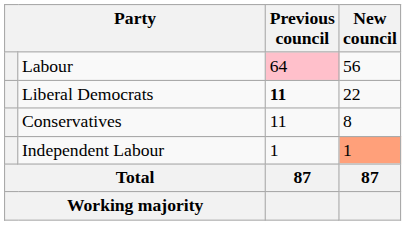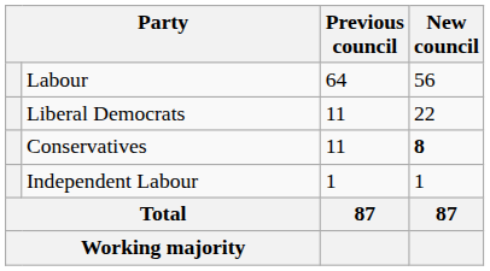 <table class="wikitable">
 <tr>
 <th valign=top colspan="2" style="width: 230px">Party</th>
 <th valign=top style="width: 30px">Previous council</th>
 <th valign=top style="width: 30px">New council</th>
 </tr>
 <tr>
 <th style="background-color: "></th>
 <td>Labour</td>
-<td style="background: pink;">64</td>
+<td>64</td>
 <td>56</td>
 </tr>
 <tr>
 <th style="background-color: "></th>
 <td>Liberal Democrats</td>
-<td><strong>11</strong></td>
+<td>11</td>
 <td>22</td>
 </tr>
 <tr>
 <th style="background-color: "></th>
 <td>Conservatives</td>
 <td>11</td>
-<td>8</td>
+<td><strong>8</strong></td>
 </tr>
 <tr>
 <th style="background-color: "></th>
 <td>Independent Labour</td>
 <td>1</td>
-<td style="background: lightsalmon;">1</td>
+<td>1</td>
 </tr>
 <tr>
 <th colspan=2>Total</th>
 <th style="text-align: center">87</th>
 <th colspan=3>87</th>
 </tr>
 <tr>
 <th colspan=2>Working majority</th>
 <th></th>
 <th></th>
 </tr>
 </table>
